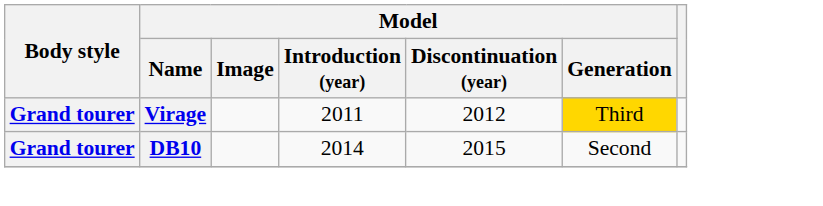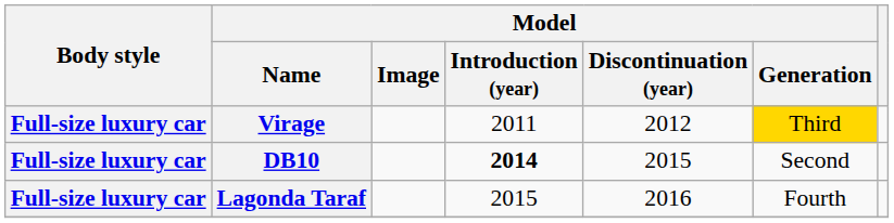 <table class="wikitable sortable" style="text-align: center">
 <tr>
 <th scope="col" rowspan="2">Body style</th>
 <th scope="colgroup" colspan="5">Model</th>
 <th scope="col" rowspan="2" class="unsortable"></th>
 </tr>
 <tr>
 <th scope="col">Name</th>
 <th scope="col" class="unsortable">Image</th>
 <th scope="col">Introduction<br><small>(year)</small></th>
 <th scope="col">Discontinuation<br><small>(year)</small></th>
 <th scope="col">Generation</th>
 </tr>
 <tr>
-<th scope="row"><a href='#'>Grand tourer</a></th>
+<th scope="row"><a href='#'>Full-size luxury car</a></th>
 <th scope="row"><a href='#'>Virage</a></th>
 <td></td>
 <td>2011</td>
 <td>2012</td>
 <td style="background: gold;">Third</td>
 <td></td>
 </tr>
 <tr>
-<th scope="row"><a href='#'>Grand tourer</a></th>
+<th scope="row"><a href='#'>Full-size luxury car</a></th>
 <th scope="row"><a href='#'>DB10</a></th>
 <td></td>
-<td>2014</td>
+<td><strong>2014</strong></td>
 <td>2015</td>
 <td>Second</td>
 <td></td>
 </tr>
 <tr>
+<th scope="row"><a href='#'>Full-size luxury car</a></th>
+<th scope="row"><a href='#'>Lagonda Taraf</a></th>
+<td></td>
+<td>2015</td>
+<td>2016</td>
+<td>Fourth</td>
+<td></td>
+</tr>
+<tr>
 </tr>
 </table>
